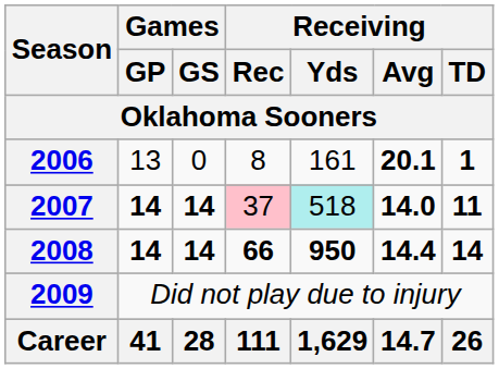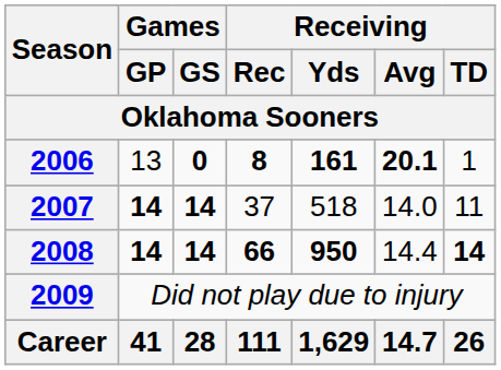 <table class="wikitable" style="text-align:center;">
 <tr>
 <th rowspan="2">Season</th>
 <th colspan="2">Games</th>
 <th colspan="4">Receiving</th>
 </tr>
 <tr>
 <th>GP</th>
 <th>GS</th>
 <th>Rec</th>
 <th>Yds</th>
 <th>Avg</th>
 <th>TD</th>
 </tr>
 <tr>
 <th colspan="10">Oklahoma Sooners</th>
 </tr>
 <tr>
 <th><a href='#'>2006</a></th>
 <td>13</td>
-<td>0</td>
-<td>8</td>
-<td>161</td>
+<td><strong>0</strong></td>
+<td><strong>8</strong></td>
+<td><strong>161</strong></td>
 <td><strong>20.1</strong></td>
-<td><strong>1</strong></td>
+<td>1</td>
 </tr>
 <tr>
 <th><a href='#'>2007</a></th>
 <td><strong>14</strong></td>
 <td><strong>14</strong></td>
-<td style="background: pink;">37</td>
-<td style="background: paleturquoise;">518</td>
-<td><strong>14.0</strong></td>
-<td><strong>11</strong></td>
+<td>37</td>
+<td>518</td>
+<td>14.0</td>
+<td>11</td>
 </tr>
 <tr>
 <th><a href='#'>2008</a></th>
 <td><strong>14</strong></td>
 <td><strong>14</strong></td>
 <td><strong>66</strong></td>
 <td><strong>950</strong></td>
-<td><strong>14.4</strong></td>
+<td>14.4</td>
 <td><strong>14</strong></td>
 </tr>
 <tr>
 <th><a href='#'>2009</a></th>
 <td colspan="6"><em>Did not play due to injury</em></td>
 </tr>
 <tr>
 <th>Career</th>
 <th>41</th>
 <th>28</th>
 <th>111</th>
 <th>1,629</th>
 <th>14.7</th>
 <th>26</th>
 </tr>
 </table>
